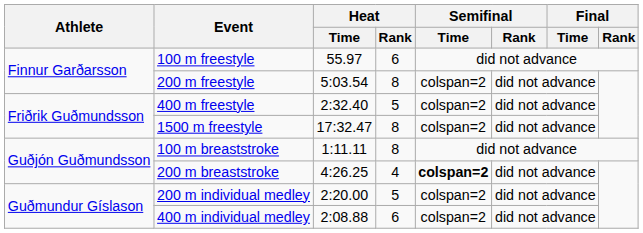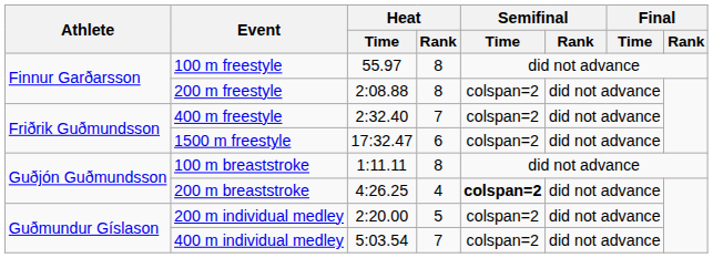 <table class=wikitable style="font-size:90%">
 <tr>
 <th rowspan="2">Athlete</th>
 <th rowspan="2">Event</th>
 <th colspan="2">Heat</th>
 <th colspan="2">Semifinal</th>
 <th colspan="2">Final</th>
 </tr>
 <tr style="font-size:95%">
 <th>Time</th>
 <th>Rank</th>
 <th>Time</th>
 <th>Rank</th>
 <th>Time</th>
 <th>Rank</th>
 </tr>
 <tr align=center>
 <td align=left rowspan=2><a href='#'>Finnur Garðarsson</a></td>
 <td align=left><a href='#'>100 m freestyle</a></td>
 <td>55.97</td>
-<td>6</td>
+<td>8</td>
 <td colspan=4>did not advance</td>
 </tr>
 <tr align=center>
 <td align=left><a href='#'>200 m freestyle</a></td>
-<td>5:03.54</td>
+<td>2:08.88</td>
 <td>8</td>
 <td>colspan=2 </td>
 <td colspan=2>did not advance</td>
 </tr>
 <tr align=center>
 <td align=left rowspan=2><a href='#'>Friðrik Guðmundsson</a></td>
 <td align=left><a href='#'>400 m freestyle</a></td>
 <td>2:32.40</td>
-<td>5</td>
+<td>7</td>
 <td>colspan=2 </td>
 <td colspan=2>did not advance</td>
 </tr>
 <tr align=center>
 <td align=left><a href='#'>1500 m freestyle</a></td>
 <td>17:32.47</td>
-<td>8</td>
+<td>6</td>
 <td>colspan=2 </td>
 <td colspan=2>did not advance</td>
 </tr>
 <tr align=center>
 <td align=left rowspan=2><a href='#'>Guðjón Guðmundsson</a></td>
 <td align=left><a href='#'>100 m breaststroke</a></td>
 <td>1:11.11</td>
 <td>8</td>
 <td colspan=4>did not advance</td>
 </tr>
 <tr align=center>
 <td align=left><a href='#'>200 m breaststroke</a></td>
 <td>4:26.25</td>
 <td>4</td>
 <td><strong>colspan=2 </strong></td>
 <td colspan=2>did not advance</td>
 </tr>
 <tr align=center>
 <td align=left rowspan=2><a href='#'>Guðmundur Gíslason</a></td>
 <td align=left><a href='#'>200 m individual medley</a></td>
 <td>2:20.00</td>
 <td>5</td>
 <td>colspan=2 </td>
 <td colspan=2>did not advance</td>
 </tr>
 <tr align=center>
 <td align=left><a href='#'>400 m individual medley</a></td>
-<td>2:08.88</td>
-<td>6</td>
+<td>5:03.54</td>
+<td>7</td>
 <td>colspan=2 </td>
 <td colspan=2>did not advance</td>
 </tr>
 </table>
